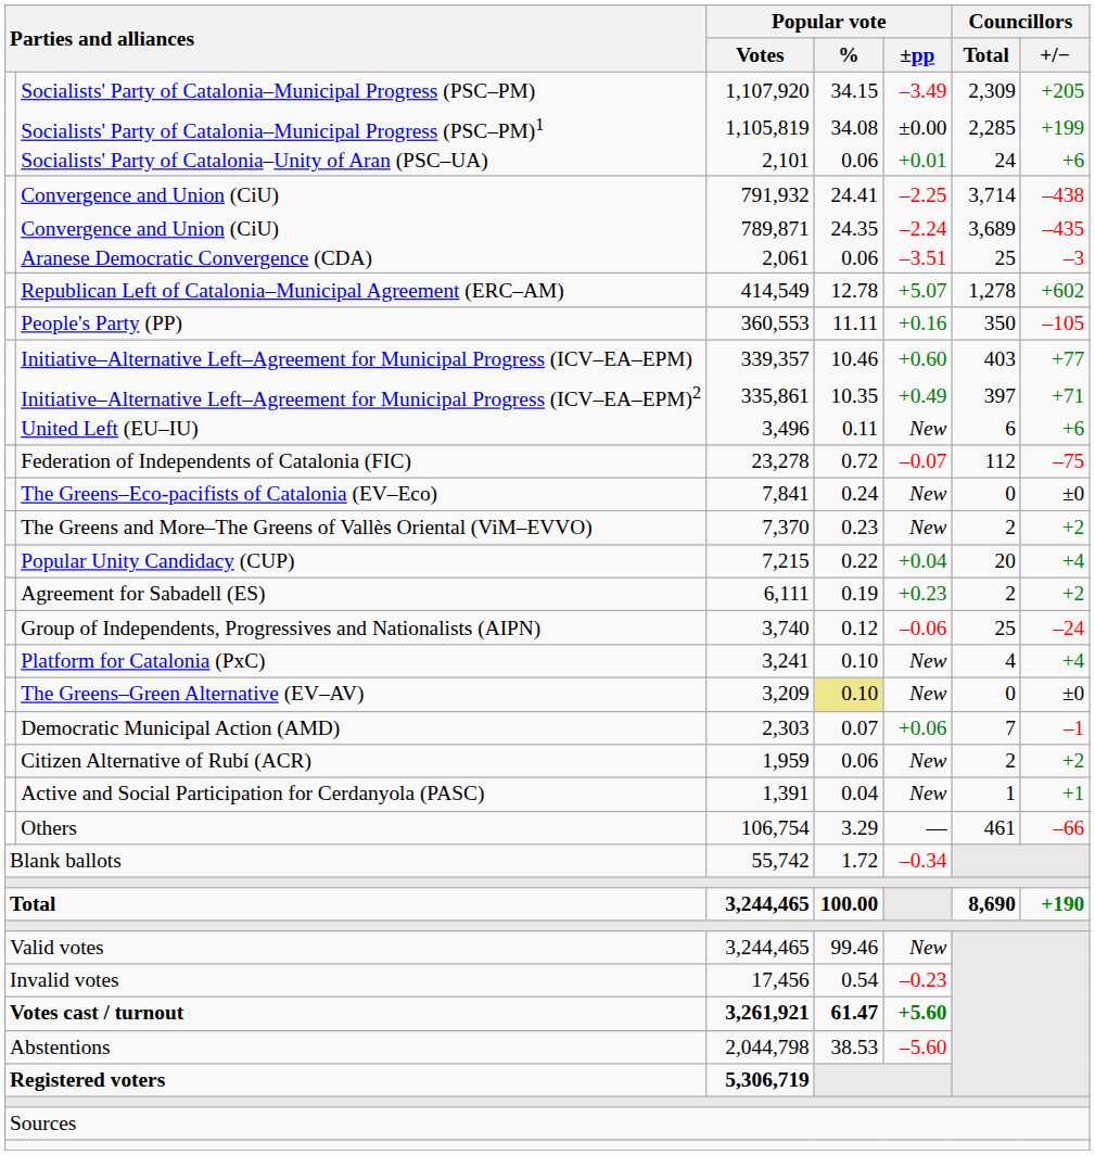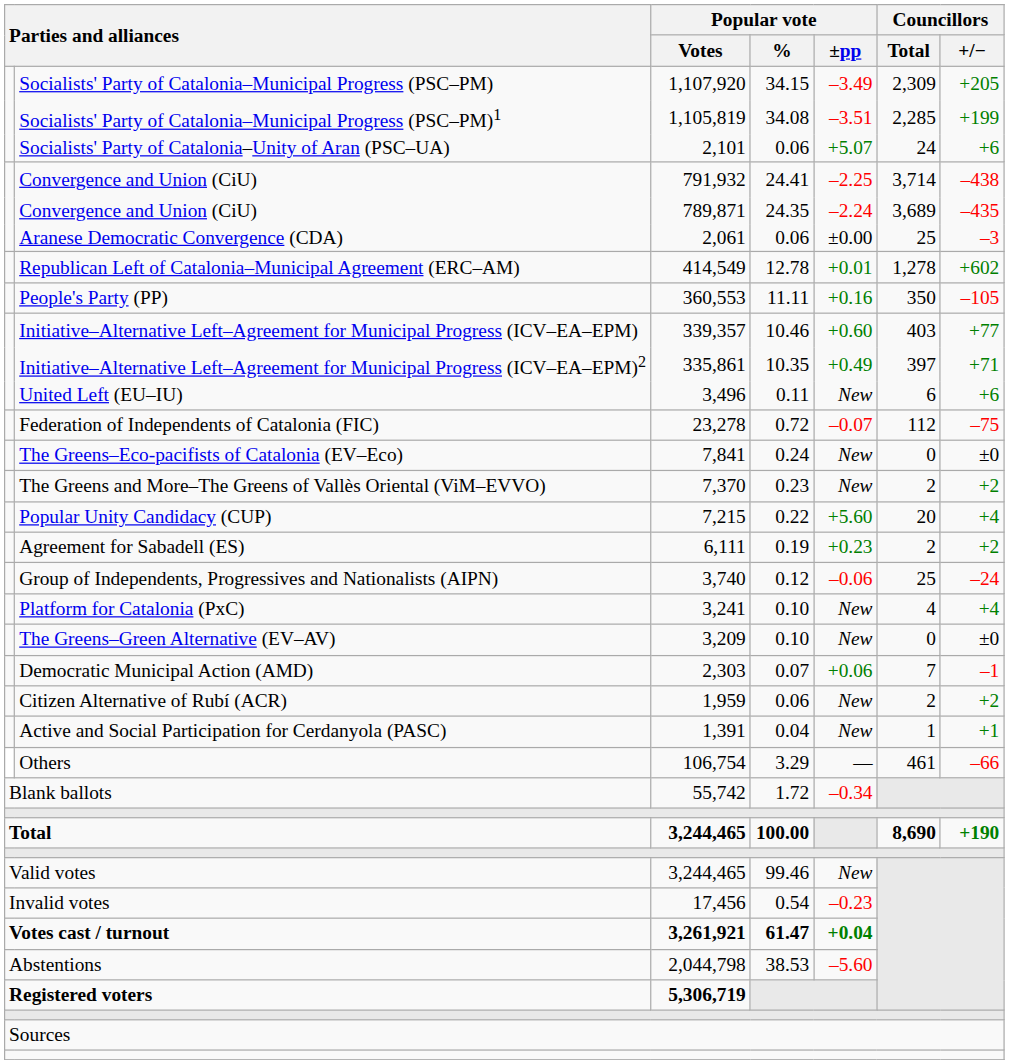 <table class="wikitable" style="text-align:right;">
 <tr>
 <th style="text-align:left;" rowspan="2" colspan="2" width="525">Parties and alliances</th>
 <th colspan="3">Popular vote</th>
 <th colspan="2">Councillors</th>
 </tr>
 <tr>
 <th width="75">Votes</th>
 <th width="45">%</th>
 <th width="45">±<a href='#'>pp</a></th>
 <th width="45">Total</th>
 <th width="45">+/−</th>
 </tr>
 <tr style="line-height:22px;">
 <td width="1" rowspan="3"></td>
 <td align="left"><a href='#'>Socialists' Party of Catalonia–Municipal Progress</a> (PSC–PM)</td>
 <td>1,107,920</td>
 <td>34.15</td>
 <td style="color:red;">–3.49</td>
 <td>2,309</td>
 <td style="color:green;">+205</td>
 </tr>
 <tr style="border-bottom-style:hidden; border-top-style:hidden; line-height:16px;">
 <td align="left"><span><a href='#'>Socialists' Party of Catalonia–Municipal Progress</a> (PSC–PM)<sup>1</sup></span></td>
 <td>1,105,819</td>
 <td>34.08</td>
-<td>±0.00</td>
+<td style="color:red;">–3.51</td>
 <td>2,285</td>
 <td style="color:green;">+199</td>
 </tr>
 <tr style="line-height:16px;">
 <td align="left"><span><a href='#'>Socialists' Party of Catalonia</a>–<a href='#'>Unity of Aran</a> (PSC–UA)</span></td>
 <td>2,101</td>
 <td>0.06</td>
-<td style="color:green;">+0.01</td>
+<td style="color:green;">+5.07</td>
 <td>24</td>
 <td style="color:green;">+6</td>
 </tr>
 <tr style="line-height:22px;">
 <td rowspan="3" style="color:inherit;background:"></td>
 <td align="left"><a href='#'>Convergence and Union</a> (CiU)</td>
 <td>791,932</td>
 <td>24.41</td>
 <td style="color:red;">–2.25</td>
 <td>3,714</td>
 <td style="color:red;">–438</td>
 </tr>
 <tr style="border-bottom-style:hidden; border-top-style:hidden; line-height:16px;">
 <td align="left"><span><a href='#'>Convergence and Union</a> (CiU)</span></td>
 <td>789,871</td>
 <td>24.35</td>
 <td style="color:red;">–2.24</td>
 <td>3,689</td>
 <td style="color:red;">–435</td>
 </tr>
 <tr style="line-height:16px;">
 <td align="left"><span><a href='#'>Aranese Democratic Convergence</a> (CDA)</span></td>
 <td>2,061</td>
 <td>0.06</td>
-<td style="color:red;">–3.51</td>
+<td>±0.00</td>
 <td>25</td>
 <td style="color:red;">–3</td>
 </tr>
 <tr>
 <td style="color:inherit;background:"></td>
 <td align="left"><a href='#'>Republican Left of Catalonia–Municipal Agreement</a> (ERC–AM)</td>
 <td>414,549</td>
 <td>12.78</td>
-<td style="color:green;">+5.07</td>
+<td style="color:green;">+0.01</td>
 <td>1,278</td>
 <td style="color:green;">+602</td>
 </tr>
 <tr>
 <td style="color:inherit;background:"></td>
 <td align="left"><a href='#'>People's Party</a> (PP)</td>
 <td>360,553</td>
 <td>11.11</td>
 <td style="color:green;">+0.16</td>
 <td>350</td>
 <td style="color:red;">–105</td>
 </tr>
 <tr style="line-height:22px;">
 <td rowspan="3" style="color:inherit;background:"></td>
 <td align="left"><a href='#'>Initiative–Alternative Left–Agreement for Municipal Progress</a> (ICV–EA–EPM)</td>
 <td>339,357</td>
 <td>10.46</td>
 <td style="color:green;">+0.60</td>
 <td>403</td>
 <td style="color:green;">+77</td>
 </tr>
 <tr style="border-bottom-style:hidden; border-top-style:hidden; line-height:16px;">
 <td align="left"><span><a href='#'>Initiative–Alternative Left–Agreement for Municipal Progress</a> (ICV–EA–EPM)<sup>2</sup></span></td>
 <td>335,861</td>
 <td>10.35</td>
 <td style="color:green;">+0.49</td>
 <td>397</td>
 <td style="color:green;">+71</td>
 </tr>
 <tr style="line-height:16px;">
 <td align="left"><span><a href='#'>United Left</a> (EU–IU)</span></td>
 <td>3,496</td>
 <td>0.11</td>
 <td><em>New</em></td>
 <td>6</td>
 <td style="color:green;">+6</td>
 </tr>
 <tr>
 <td style="color:inherit;background:"></td>
 <td align="left">Federation of Independents of Catalonia (FIC)</td>
 <td>23,278</td>
 <td>0.72</td>
 <td style="color:red;">–0.07</td>
 <td>112</td>
 <td style="color:red;">–75</td>
 </tr>
 <tr>
 <td style="color:inherit;background:"></td>
 <td align="left"><a href='#'>The Greens–Eco-pacifists of Catalonia</a> (EV–Eco)</td>
 <td>7,841</td>
 <td>0.24</td>
 <td><em>New</em></td>
 <td>0</td>
 <td>±0</td>
 </tr>
 <tr>
 <td style="color:inherit;background:"></td>
 <td align="left">The Greens and More–The Greens of Vallès Oriental (ViM–EVVO)</td>
 <td>7,370</td>
 <td>0.23</td>
 <td><em>New</em></td>
 <td>2</td>
 <td style="color:green;">+2</td>
 </tr>
 <tr>
 <td style="color:inherit;background:"></td>
 <td align="left"><a href='#'>Popular Unity Candidacy</a> (CUP)</td>
 <td>7,215</td>
 <td>0.22</td>
-<td style="color:green;">+0.04</td>
+<td style="color:green;">+5.60</td>
 <td>20</td>
 <td style="color:green;">+4</td>
 </tr>
 <tr>
 <td style="color:inherit;background:"></td>
 <td align="left">Agreement for Sabadell (ES)</td>
 <td>6,111</td>
 <td>0.19</td>
 <td style="color:green;">+0.23</td>
 <td>2</td>
 <td style="color:green;">+2</td>
 </tr>
 <tr>
 <td style="color:inherit;background:"></td>
 <td align="left">Group of Independents, Progressives and Nationalists (AIPN)</td>
 <td>3,740</td>
 <td>0.12</td>
 <td style="color:red;">–0.06</td>
 <td>25</td>
 <td style="color:red;">–24</td>
 </tr>
 <tr>
 <td style="color:inherit;background:"></td>
 <td align="left"><a href='#'>Platform for Catalonia</a> (PxC)</td>
 <td>3,241</td>
 <td>0.10</td>
 <td><em>New</em></td>
 <td>4</td>
 <td style="color:green;">+4</td>
 </tr>
 <tr>
 <td style="color:inherit;background:"></td>
 <td align="left"><a href='#'>The Greens–Green Alternative</a> (EV–AV)</td>
 <td>3,209</td>
-<td style="background: khaki;">0.10</td>
+<td>0.10</td>
 <td><em>New</em></td>
 <td>0</td>
 <td>±0</td>
 </tr>
 <tr>
 <td style="color:inherit;background:"></td>
 <td align="left">Democratic Municipal Action (AMD)</td>
 <td>2,303</td>
 <td>0.07</td>
 <td style="color:green;">+0.06</td>
 <td>7</td>
 <td style="color:red;">–1</td>
 </tr>
 <tr>
 <td style="color:inherit;background:"></td>
 <td align="left">Citizen Alternative of Rubí (ACR)</td>
 <td>1,959</td>
 <td>0.06</td>
 <td><em>New</em></td>
 <td>2</td>
 <td style="color:green;">+2</td>
 </tr>
 <tr>
 <td style="color:inherit;background:"></td>
 <td align="left">Active and Social Participation for Cerdanyola (PASC)</td>
 <td>1,391</td>
 <td>0.04</td>
 <td><em>New</em></td>
 <td>1</td>
 <td style="color:green;">+1</td>
 </tr>
 <tr>
 <td bgcolor="white"></td>
 <td align="left">Others</td>
 <td>106,754</td>
 <td>3.29</td>
 <td>—</td>
 <td>461</td>
 <td style="color:red;">–66</td>
 </tr>
 <tr>
 <td align="left" colspan="2">Blank ballots</td>
 <td>55,742</td>
 <td>1.72</td>
 <td style="color:red;">–0.34</td>
 <td style="color:inherit;background:#E9E9E9" colspan="2"></td>
 </tr>
 <tr>
 <td colspan="7" style="color:inherit;background:#E9E9E9"></td>
 </tr>
 <tr style="font-weight:bold;">
 <td align="left" colspan="2">Total</td>
 <td>3,244,465</td>
 <td>100.00</td>
 <td bgcolor="#E9E9E9"></td>
 <td>8,690</td>
 <td style="color:green;">+190</td>
 </tr>
 <tr>
 <td colspan="7" style="color:inherit;background:#E9E9E9"></td>
 </tr>
 <tr>
 <td align="left" colspan="2">Valid votes</td>
 <td>3,244,465</td>
 <td>99.46</td>
 <td><em>New</em></td>
 <td bgcolor="#E9E9E9" colspan="2" rowspan="5"></td>
 </tr>
 <tr>
 <td align="left" colspan="2">Invalid votes</td>
 <td>17,456</td>
 <td>0.54</td>
 <td style="color:red;">–0.23</td>
 </tr>
 <tr style="font-weight:bold;">
 <td align="left" colspan="2">Votes cast / turnout</td>
 <td>3,261,921</td>
 <td>61.47</td>
-<td style="color:green;">+5.60</td>
+<td style="color:green;">+0.04</td>
 </tr>
 <tr>
 <td align="left" colspan="2">Abstentions</td>
 <td>2,044,798</td>
 <td>38.53</td>
 <td style="color:red;">–5.60</td>
 </tr>
 <tr style="font-weight:bold;">
 <td align="left" colspan="2">Registered voters</td>
 <td>5,306,719</td>
 <td bgcolor="#E9E9E9" colspan="2"></td>
 </tr>
 <tr>
 <td colspan="7" style="color:inherit;background:#E9E9E9"></td>
 </tr>
 <tr>
 <td align="left" colspan="7">Sources</td>
 </tr>
 <tr>
 <td colspan="7" style="text-align:left; max-width:790px;"></td>
 </tr>
 </table>
